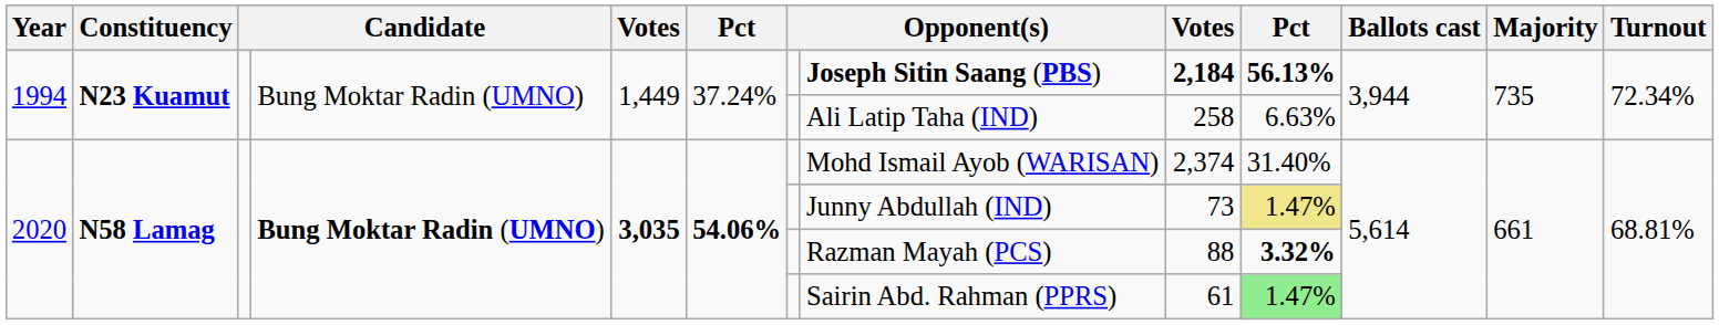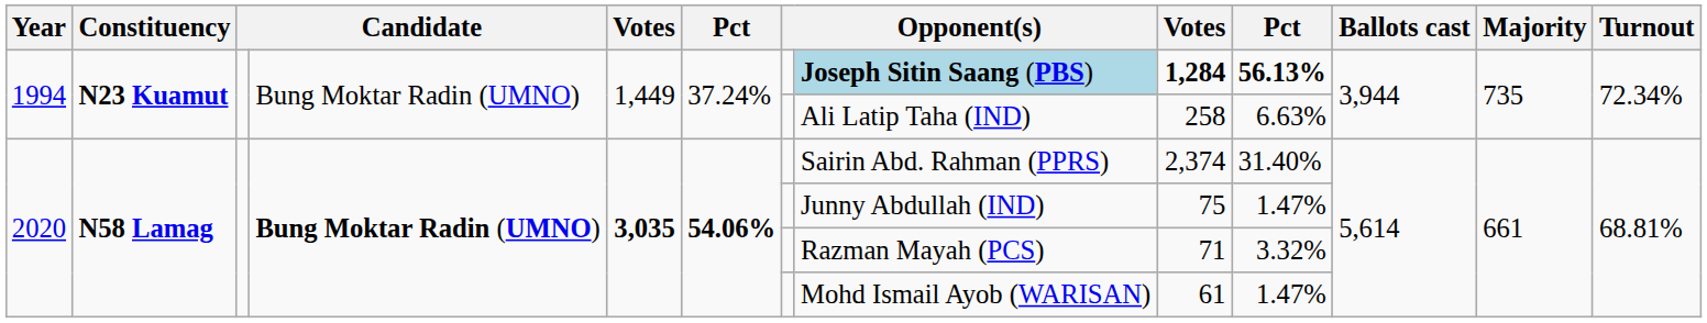 <table class="wikitable" style="margin:0.5em ; font-size:95%">
 <tr>
 <th>Year</th>
 <th>Constituency</th>
 <th colspan=2>Candidate</th>
 <th>Votes</th>
 <th>Pct</th>
 <th colspan=2>Opponent(s)</th>
 <th>Votes</th>
 <th>Pct</th>
 <th>Ballots cast</th>
 <th>Majority</th>
 <th>Turnout</th>
 </tr>
 <tr>
 <td rowspan=2><a href='#'>1994</a></td>
 <td rowspan=2><strong>N23 <a href='#'>Kuamut</a></strong></td>
 <td rowspan=2 ></td>
 <td rowspan=2>Bung Moktar Radin (<a href='#'>UMNO</a>)</td>
 <td rowspan=2 align="right">1,449</td>
 <td rowspan=2>37.24%</td>
 <td></td>
-<td><strong>Joseph Sitin Saang</strong> (<a href='#'><strong>PBS</strong></a>)</td>
-<td align="right"><strong>2,184</strong></td>
+<td style="background: lightblue;"><strong>Joseph Sitin Saang</strong> (<a href='#'><strong>PBS</strong></a>)</td>
+<td align="right"><strong>1,284</strong></td>
 <td><strong>56.13%</strong></td>
 <td rowspan=2>3,944</td>
 <td rowspan=2>735</td>
 <td rowspan=2>72.34%</td>
 </tr>
 <tr>
 <td></td>
 <td>Ali Latip Taha (<a href='#'>IND</a>)</td>
 <td align="right">258</td>
 <td align="right">6.63%</td>
 </tr>
 <tr>
 <td rowspan=4><a href='#'>2020</a></td>
 <td rowspan=4><strong>N58 <a href='#'>Lamag</a></strong></td>
 <td rowspan=4 ></td>
 <td rowspan=4><strong>Bung Moktar Radin</strong> (<a href='#'><strong>UMNO</strong></a>)</td>
 <td rowspan=4 align="right"><strong>3,035</strong></td>
 <td rowspan=4><strong>54.06%</strong></td>
 <td></td>
-<td>Mohd Ismail Ayob (<a href='#'>WARISAN</a>)</td>
+<td>Sairin Abd. Rahman (<a href='#'>PPRS</a>)</td>
 <td align="right">2,374</td>
 <td>31.40%</td>
 <td rowspan=4>5,614</td>
 <td rowspan=4>661</td>
 <td rowspan=4>68.81%</td>
 </tr>
 <tr>
 <td></td>
 <td>Junny Abdullah (<a href='#'>IND</a>)</td>
-<td align="right">73</td>
-<td align="right" style="background: khaki;">1.47%</td>
+<td align="right">75</td>
+<td align="right">1.47%</td>
 </tr>
 <tr>
 <td></td>
 <td>Razman Mayah (<a href='#'>PCS</a>)</td>
-<td align="right">88</td>
-<td align="right"><strong>3.32%</strong></td>
+<td align="right">71</td>
+<td align="right">3.32%</td>
 </tr>
 <tr>
 <td></td>
-<td>Sairin Abd. Rahman (<a href='#'>PPRS</a>)</td>
+<td>Mohd Ismail Ayob (<a href='#'>WARISAN</a>)</td>
 <td align="right">61</td>
-<td align="right" style="background: lightgreen;">1.47%</td>
+<td align="right">1.47%</td>
 </tr>
 </table>
